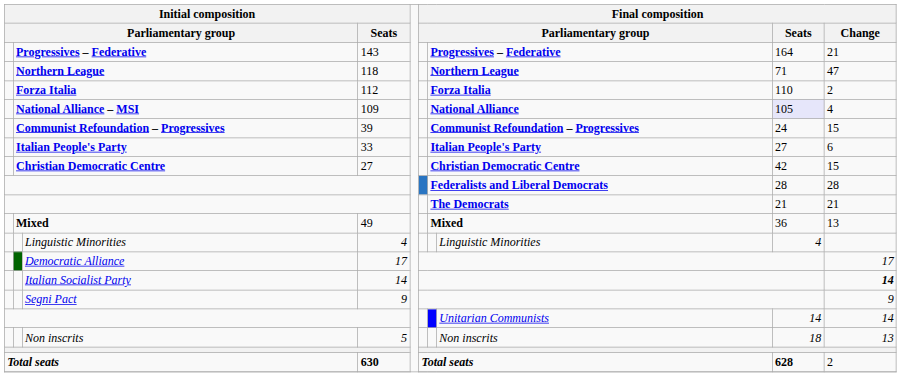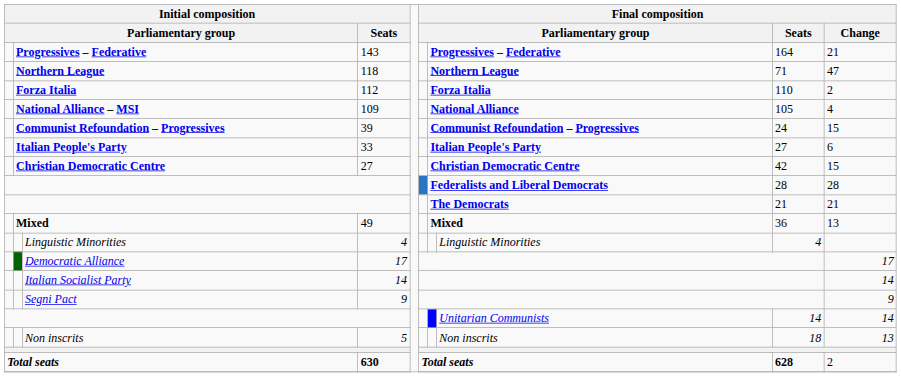 <table class="wikitable" style="width : 60%;">
 <tr>
 <th colspan="4">Initial composition</th>
 <td rowspan="30" style="width : 1%;"></td>
 <th colspan="5">Final composition</th>
 </tr>
 <tr>
 <th colspan="3">Parliamentary group</th>
 <th>Seats</th>
 <th colspan="3">Parliamentary group</th>
 <th>Seats</th>
 <th>Change</th>
 </tr>
 <tr>
 <td></td>
 <td colspan = "2"><strong><a href='#'>Progressives</a> – <a href='#'>Federative</a></strong></td>
 <td>143</td>
 <td></td>
 <td colspan = "2"><strong><a href='#'>Progressives</a> – <a href='#'>Federative</a></strong></td>
 <td>164</td>
 <td> 21</td>
 </tr>
 <tr>
 <td></td>
 <td colspan = "2"><strong><a href='#'>Northern League</a></strong></td>
 <td>118</td>
 <td></td>
 <td colspan = "2"><strong><a href='#'>Northern League</a></strong></td>
 <td>71</td>
 <td> 47</td>
 </tr>
 <tr>
 <td></td>
 <td colspan = "2"><strong><a href='#'>Forza Italia</a></strong></td>
 <td>112</td>
 <td></td>
 <td colspan = "2"><strong><a href='#'>Forza Italia</a></strong></td>
 <td>110</td>
 <td> 2</td>
 </tr>
 <tr>
 <td></td>
 <td colspan = "2"><strong><a href='#'>National Alliance</a> – <a href='#'>MSI</a></strong></td>
 <td>109</td>
 <td></td>
 <td colspan = "2"><strong><a href='#'>National Alliance</a></strong></td>
-<td style="background: lavender;">105</td>
+<td>105</td>
 <td> 4</td>
 </tr>
 <tr>
 <td></td>
 <td colspan = "2"><strong><a href='#'>Communist Refoundation</a> – <a href='#'>Progressives</a></strong></td>
 <td>39</td>
 <td></td>
 <td colspan = "2"><strong><a href='#'>Communist Refoundation</a> – <a href='#'>Progressives</a></strong></td>
 <td>24</td>
 <td> 15</td>
 </tr>
 <tr>
 <td></td>
 <td colspan = "2"><strong><a href='#'>Italian People's Party</a></strong></td>
 <td>33</td>
 <td></td>
 <td colspan = "2"><strong><a href='#'>Italian People's Party</a></strong></td>
 <td>27</td>
 <td> 6</td>
 </tr>
 <tr>
 <td></td>
 <td colspan = "2"><strong><a href='#'>Christian Democratic Centre</a></strong></td>
 <td>27</td>
 <td></td>
 <td colspan = "2"><strong><a href='#'>Christian Democratic Centre</a></strong></td>
 <td>42</td>
 <td> 15</td>
 </tr>
 <tr>
 <td colspan = "4"></td>
 <td bgcolor="#2975C2" width=1%></td>
 <td colspan = "2"><strong><a href='#'>Federalists and Liberal Democrats</a></strong></td>
 <td>28</td>
 <td> 28</td>
 </tr>
 <tr>
 <td colspan = "4"></td>
 <td></td>
 <td colspan = "2"><strong><a href='#'>The Democrats</a></strong></td>
 <td>21</td>
 <td> 21</td>
 </tr>
 <tr>
 <td></td>
 <td colspan = "2"><strong>Mixed</strong></td>
 <td>49</td>
 <td></td>
 <td colspan = "2"><strong>Mixed</strong></td>
 <td>36</td>
 <td> 13</td>
 </tr>
 <tr>
 <td></td>
 <td></td>
 <td><em>Linguistic Minorities</em></td>
 <td align="right"><em>4</em></td>
 <td></td>
 <td></td>
 <td><em>Linguistic Minorities</em></td>
 <td align="right"><em>4</em></td>
 <td align="right"></td>
 </tr>
 <tr>
 <td></td>
 <td bgcolor="darkgreen" width=1%></td>
 <td><em><a href='#'>Democratic Alliance</a></em></td>
 <td align="right"><em>17</em></td>
 <td colspan="4"></td>
 <td align="right"> <em>17</em></td>
 </tr>
 <tr>
 <td></td>
 <td></td>
 <td><em><a href='#'>Italian Socialist Party</a></em></td>
 <td align="right"><em>14</em></td>
 <td colspan="4"></td>
-<td align="right"><strong> <em>14</em></strong></td>
+<td align="right"> <em>14</em></td>
 </tr>
 <tr>
 <td></td>
 <td></td>
 <td><em><a href='#'>Segni Pact</a></em></td>
 <td align="right"><em>9</em></td>
 <td colspan="4"></td>
 <td align="right"> <em>9</em></td>
 </tr>
 <tr>
 <td colspan="4"></td>
 <td></td>
 <td bgcolor="blue" width=1%></td>
 <td><em><a href='#'>Unitarian Communists</a></em></td>
 <td align="right"><em>14</em></td>
 <td align="right"> <em>14</em></td>
 </tr>
 <tr>
 <td></td>
 <td></td>
 <td><em>Non inscrits</em></td>
 <td align="right"><em>5</em></td>
 <td></td>
 <td></td>
 <td><em>Non inscrits</em></td>
 <td align="right"><em>18</em></td>
 <td align="right"> <em>13</em></td>
 </tr>
 <tr>
 <th colspan="4"></th>
 <th colspan="5"></th>
 </tr>
 <tr>
 <td colspan="3"><strong><em>Total seats</em></strong></td>
 <td><strong>630</strong></td>
 <td colspan="3"><strong><em>Total seats</em></strong></td>
 <td><strong>628</strong></td>
 <td> 2</td>
 </tr>
 <tr>
 </tr>
 </table>
